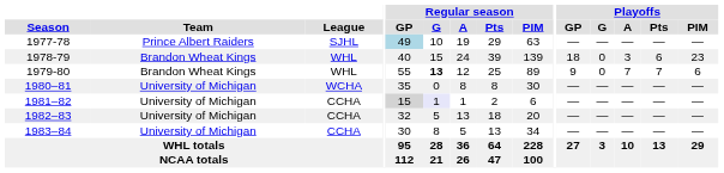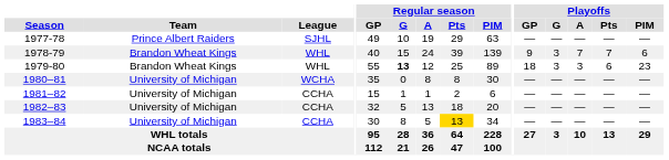 <table border="0" cellpadding="1" cellspacing="0" style="text-align:center; width:60em">
 <tr bgcolor="#e0e0e0">
 <th colspan="3" bgcolor="#ffffff"></th>
 <th rowspan="99" bgcolor="#ffffff"></th>
 <th colspan="5"><a href='#'>Regular season</a></th>
 <th rowspan="99" bgcolor="#ffffff"></th>
 <th colspan="5"><a href='#'>Playoffs</a></th>
 </tr>
 <tr bgcolor="#e0e0e0">
 <th><a href='#'>Season</a></th>
 <th>Team</th>
 <th>League</th>
 <th>GP</th>
 <th><a href='#'>G</a></th>
 <th><a href='#'>A</a></th>
 <th><a href='#'>Pts</a></th>
 <th><a href='#'>PIM</a></th>
 <th>GP</th>
 <th>G</th>
 <th>A</th>
 <th>Pts</th>
 <th>PIM</th>
 </tr>
 <tr>
 <td>1977-78</td>
 <td><a href='#'>Prince Albert Raiders</a></td>
 <td><a href='#'>SJHL</a></td>
-<td style="background: lightblue;">49</td>
+<td>49</td>
 <td>10</td>
 <td>19</td>
 <td>29</td>
 <td>63</td>
 <td>—</td>
 <td>—</td>
 <td>—</td>
 <td>—</td>
 <td>—</td>
 </tr>
 <tr bgcolor="#f0f0f0">
 <td>1978-79</td>
 <td><a href='#'>Brandon Wheat Kings</a></td>
 <td><a href='#'>WHL</a></td>
 <td>40</td>
 <td>15</td>
 <td>24</td>
 <td>39</td>
 <td>139</td>
-<td>18</td>
-<td>0</td>
+<td>9</td>
 <td>3</td>
+<td>7</td>
+<td>7</td>
 <td>6</td>
-<td>23</td>
 </tr>
 <tr>
 <td>1979-80</td>
 <td>Brandon Wheat Kings</td>
 <td>WHL</td>
 <td>55</td>
 <td><strong>13</strong></td>
 <td>12</td>
 <td>25</td>
 <td>89</td>
-<td>9</td>
-<td>0</td>
-<td>7</td>
-<td>7</td>
+<td>18</td>
+<td>3</td>
+<td>3</td>
 <td>6</td>
+<td>23</td>
 </tr>
 <tr bgcolor="#f0f0f0">
 <td><a href='#'>1980–81</a></td>
 <td><a href='#'>University of Michigan</a></td>
 <td><a href='#'>WCHA</a></td>
 <td>35</td>
 <td>0</td>
 <td>8</td>
 <td>8</td>
 <td>30</td>
 <td>—</td>
 <td>—</td>
 <td>—</td>
 <td>—</td>
 <td>—</td>
 </tr>
 <tr>
 </tr>
 <tr>
 <td><a href='#'>1981–82</a></td>
 <td>University of Michigan</td>
 <td>CCHA</td>
-<td style="background: lightgrey;">15</td>
-<td style="background: lavender;">1</td>
+<td>15</td>
+<td>1</td>
 <td>1</td>
 <td>2</td>
 <td>6</td>
 <td>—</td>
 <td>—</td>
 <td>—</td>
 <td>—</td>
 <td>—</td>
 </tr>
 <tr bgcolor="#f0f0f0">
 <td><a href='#'>1982–83</a></td>
 <td>University of Michigan</td>
 <td>CCHA</td>
 <td>32</td>
 <td>5</td>
 <td>13</td>
 <td>18</td>
 <td>20</td>
 <td>—</td>
 <td>—</td>
 <td>—</td>
 <td>—</td>
 <td>—</td>
 </tr>
 <tr>
 <td><a href='#'>1983–84</a></td>
 <td><a href='#'>University of Michigan</a></td>
 <td><a href='#'>CCHA</a></td>
 <td>30</td>
 <td>8</td>
 <td>5</td>
-<td>13</td>
+<td style="background: gold;">13</td>
 <td>34</td>
 <td>—</td>
 <td>—</td>
 <td>—</td>
 <td>—</td>
 <td>—</td>
 </tr>
 <tr bgcolor="#f0f0f0">
 <th colspan="3">WHL totals</th>
 <th>95</th>
 <th>28</th>
 <th>36</th>
 <th>64</th>
 <th>228</th>
 <th>27</th>
 <th>3</th>
 <th>10</th>
 <th>13</th>
 <th>29</th>
 </tr>
 <tr bgcolor="#f0f0f0">
 <th colspan="3">NCAA totals</th>
 <th>112</th>
 <th>21</th>
 <th>26</th>
 <th>47</th>
 <th>100</th>
 <th></th>
 <th></th>
 <th></th>
 <th></th>
 <th></th>
 </tr>
 </table>
